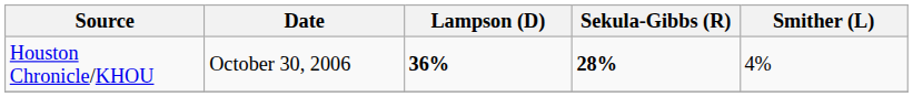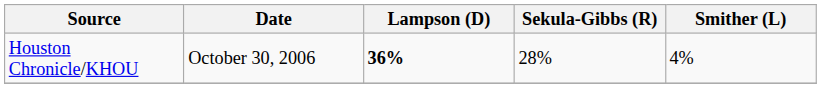 <table class=wikitable>
 <tr>
 <th width=150px>Source</th>
 <th width=150px>Date</th>
 <th width=125px>Lampson  (D)</th>
 <th width=125px>Sekula-Gibbs (R)</th>
 <th width=125px>Smither (L)</th>
 </tr>
 <tr>
 <td><a href='#'>Houston Chronicle</a>/<a href='#'>KHOU</a></td>
 <td>October 30, 2006</td>
 <td><strong>36%</strong></td>
-<td><strong>28%</strong></td>
+<td>28%</td>
 <td>4%</td>
 </tr>
 <tr>
 </tr>
 </table>
